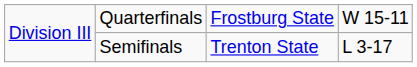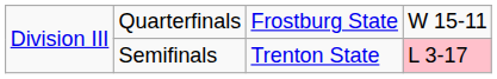 <table class="wikitable">
 <tr>
 <td rowspan="2"><a href='#'>Division III</a></td>
 <td>Quarterfinals</td>
 <td><a href='#'>Frostburg State</a></td>
 <td>W 15-11</td>
 </tr>
 <tr>
 <td>Semifinals</td>
 <td><a href='#'>Trenton State</a></td>
-<td>L 3-17</td>
+<td style="background: pink;">L 3-17</td>
 </tr>
 </table>
